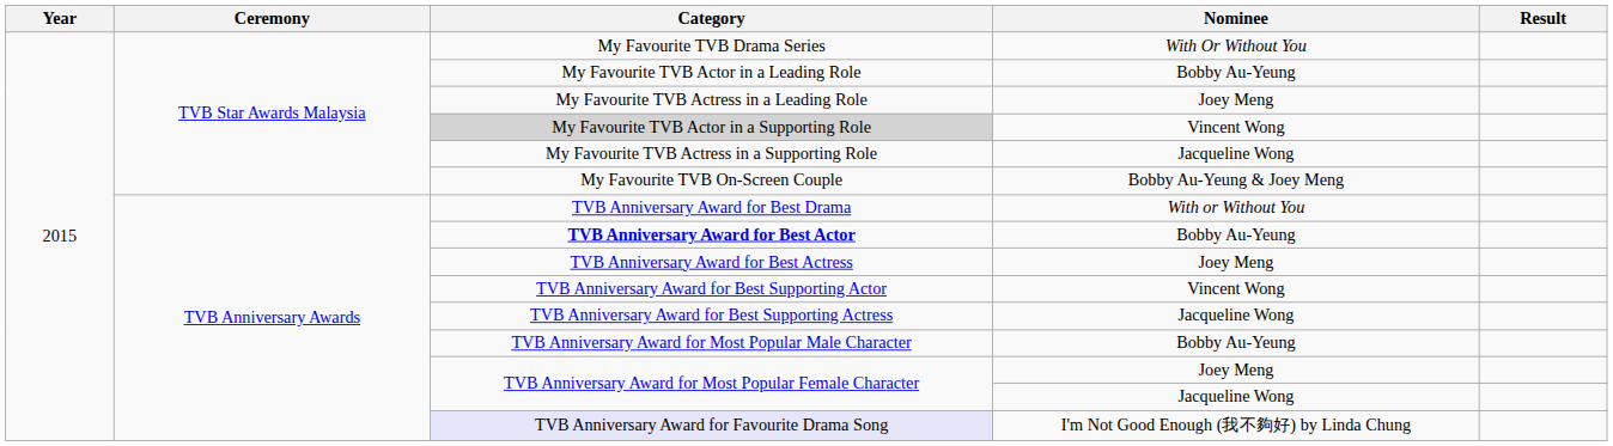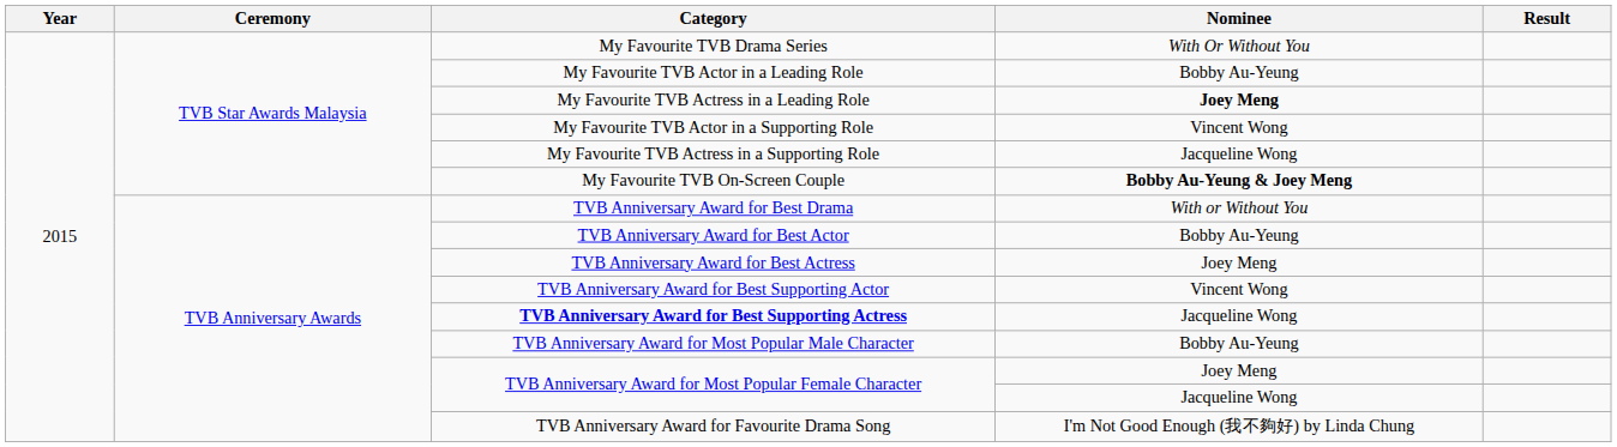 <table class="wikitable" style="width:95%;text-align:center;">
 <tr>
 <th style="width:50px;">Year</th>
 <th style="width:160px;">Ceremony</th>
 <th style="width:290px;">Category</th>
 <th style="width:250px;">Nominee</th>
 <th style="width:60px;">Result</th>
 </tr>
 <tr>
 <td rowspan=15>2015</td>
 <td rowspan=6><a href='#'>TVB Star Awards Malaysia</a></td>
 <td>My Favourite TVB Drama Series</td>
 <td><em>With Or Without You</em></td>
 <td></td>
 </tr>
 <tr>
 <td>My Favourite TVB Actor in a Leading Role</td>
 <td>Bobby Au-Yeung</td>
 <td></td>
 </tr>
 <tr>
 <td>My Favourite TVB Actress in a Leading Role</td>
-<td>Joey Meng</td>
+<td><strong>Joey Meng</strong></td>
 <td></td>
 </tr>
 <tr>
-<td style="background: lightgrey;">My Favourite TVB Actor in a Supporting Role</td>
+<td>My Favourite TVB Actor in a Supporting Role</td>
 <td>Vincent Wong</td>
 <td></td>
 </tr>
 <tr>
 <td>My Favourite TVB Actress in a Supporting Role</td>
 <td>Jacqueline Wong</td>
 <td></td>
 </tr>
 <tr>
 <td>My Favourite TVB On-Screen Couple</td>
-<td>Bobby Au-Yeung & Joey Meng</td>
+<td><strong>Bobby Au-Yeung & Joey Meng</strong></td>
 <td></td>
 </tr>
 <tr>
 <td rowspan=9><a href='#'>TVB Anniversary Awards</a></td>
 <td><a href='#'>TVB Anniversary Award for Best Drama</a></td>
 <td><em>With or Without You</em></td>
 <td></td>
 </tr>
 <tr>
-<td><strong><a href='#'>TVB Anniversary Award for Best Actor</a></strong></td>
+<td><a href='#'>TVB Anniversary Award for Best Actor</a></td>
 <td>Bobby Au-Yeung</td>
 <td></td>
 </tr>
 <tr>
 <td><a href='#'>TVB Anniversary Award for Best Actress</a></td>
 <td>Joey Meng</td>
 <td></td>
 </tr>
 <tr>
 <td><a href='#'>TVB Anniversary Award for Best Supporting Actor</a></td>
 <td>Vincent Wong</td>
 <td></td>
 </tr>
 <tr>
-<td><a href='#'>TVB Anniversary Award for Best Supporting Actress</a></td>
+<td><strong><a href='#'>TVB Anniversary Award for Best Supporting Actress</a></strong></td>
 <td>Jacqueline Wong</td>
 <td></td>
 </tr>
 <tr>
 <td><a href='#'>TVB Anniversary Award for Most Popular Male Character</a></td>
 <td>Bobby Au-Yeung</td>
 <td></td>
 </tr>
 <tr>
 <td rowspan=2><a href='#'>TVB Anniversary Award for Most Popular Female Character</a></td>
 <td>Joey Meng</td>
 <td></td>
 </tr>
 <tr>
 <td>Jacqueline Wong</td>
 <td></td>
 </tr>
 <tr>
-<td style="background: lavender;">TVB Anniversary Award for Favourite Drama Song</td>
+<td>TVB Anniversary Award for Favourite Drama Song</td>
 <td>I'm Not Good Enough (我不夠好) by Linda Chung</td>
 <td></td>
 </tr>
 </table>
